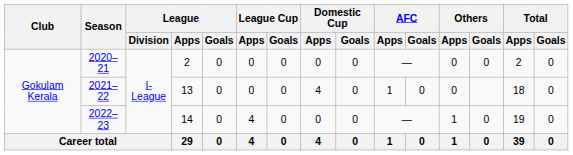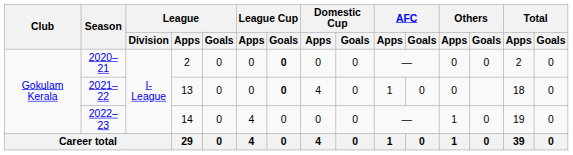 <table class=wikitable style=text-align:center>
 <tr>
 <th rowspan="2">Club</th>
 <th rowspan="2">Season</th>
 <th colspan="3">League</th>
 <th colspan="2">League Cup</th>
 <th colspan="2">Domestic Cup</th>
 <th colspan="2"><a href='#'>AFC</a></th>
 <th colspan="2">Others</th>
 <th colspan="2">Total</th>
 </tr>
 <tr>
 <th>Division</th>
 <th>Apps</th>
 <th>Goals</th>
 <th>Apps</th>
 <th>Goals</th>
 <th>Apps</th>
 <th>Goals</th>
 <th>Apps</th>
 <th>Goals</th>
 <th>Apps</th>
 <th>Goals</th>
 <th>Apps</th>
 <th>Goals</th>
 </tr>
 <tr>
 <td rowspan="3"><a href='#'>Gokulam Kerala</a></td>
 <td><a href='#'>2020–21</a></td>
 <td rowspan="3"><a href='#'>I-League</a></td>
 <td>2</td>
 <td>0</td>
 <td>0</td>
-<td>0</td>
+<td><strong>0</strong></td>
 <td>0</td>
 <td>0</td>
 <td colspan="2">—</td>
 <td>0</td>
 <td>0</td>
 <td>2</td>
 <td>0</td>
 </tr>
 <tr>
 <td><a href='#'>2021–22</a></td>
 <td>13</td>
 <td>0</td>
 <td>0</td>
-<td>0</td>
+<td><strong>0</strong></td>
 <td>4</td>
 <td>0</td>
 <td>1</td>
 <td 0>0</td>
 <td>0</td>
 <td></td>
 <td>18</td>
 <td>0</td>
 </tr>
 <tr>
 <td><a href='#'>2022–23</a></td>
 <td>14</td>
 <td>0</td>
 <td>4</td>
 <td>0</td>
 <td>0</td>
 <td>0</td>
 <td colspan="2">—</td>
 <td>1</td>
 <td>0</td>
 <td>19</td>
 <td>0</td>
 </tr>
 <tr>
 <th colspan="3">Career total</th>
 <th>29</th>
 <th>0</th>
 <th>4</th>
 <th>0</th>
 <th>4</th>
 <th>0</th>
 <th>1</th>
 <th>0</th>
 <th>1</th>
 <th>0</th>
 <th>39</th>
 <th>0</th>
 </tr>
 </table>
